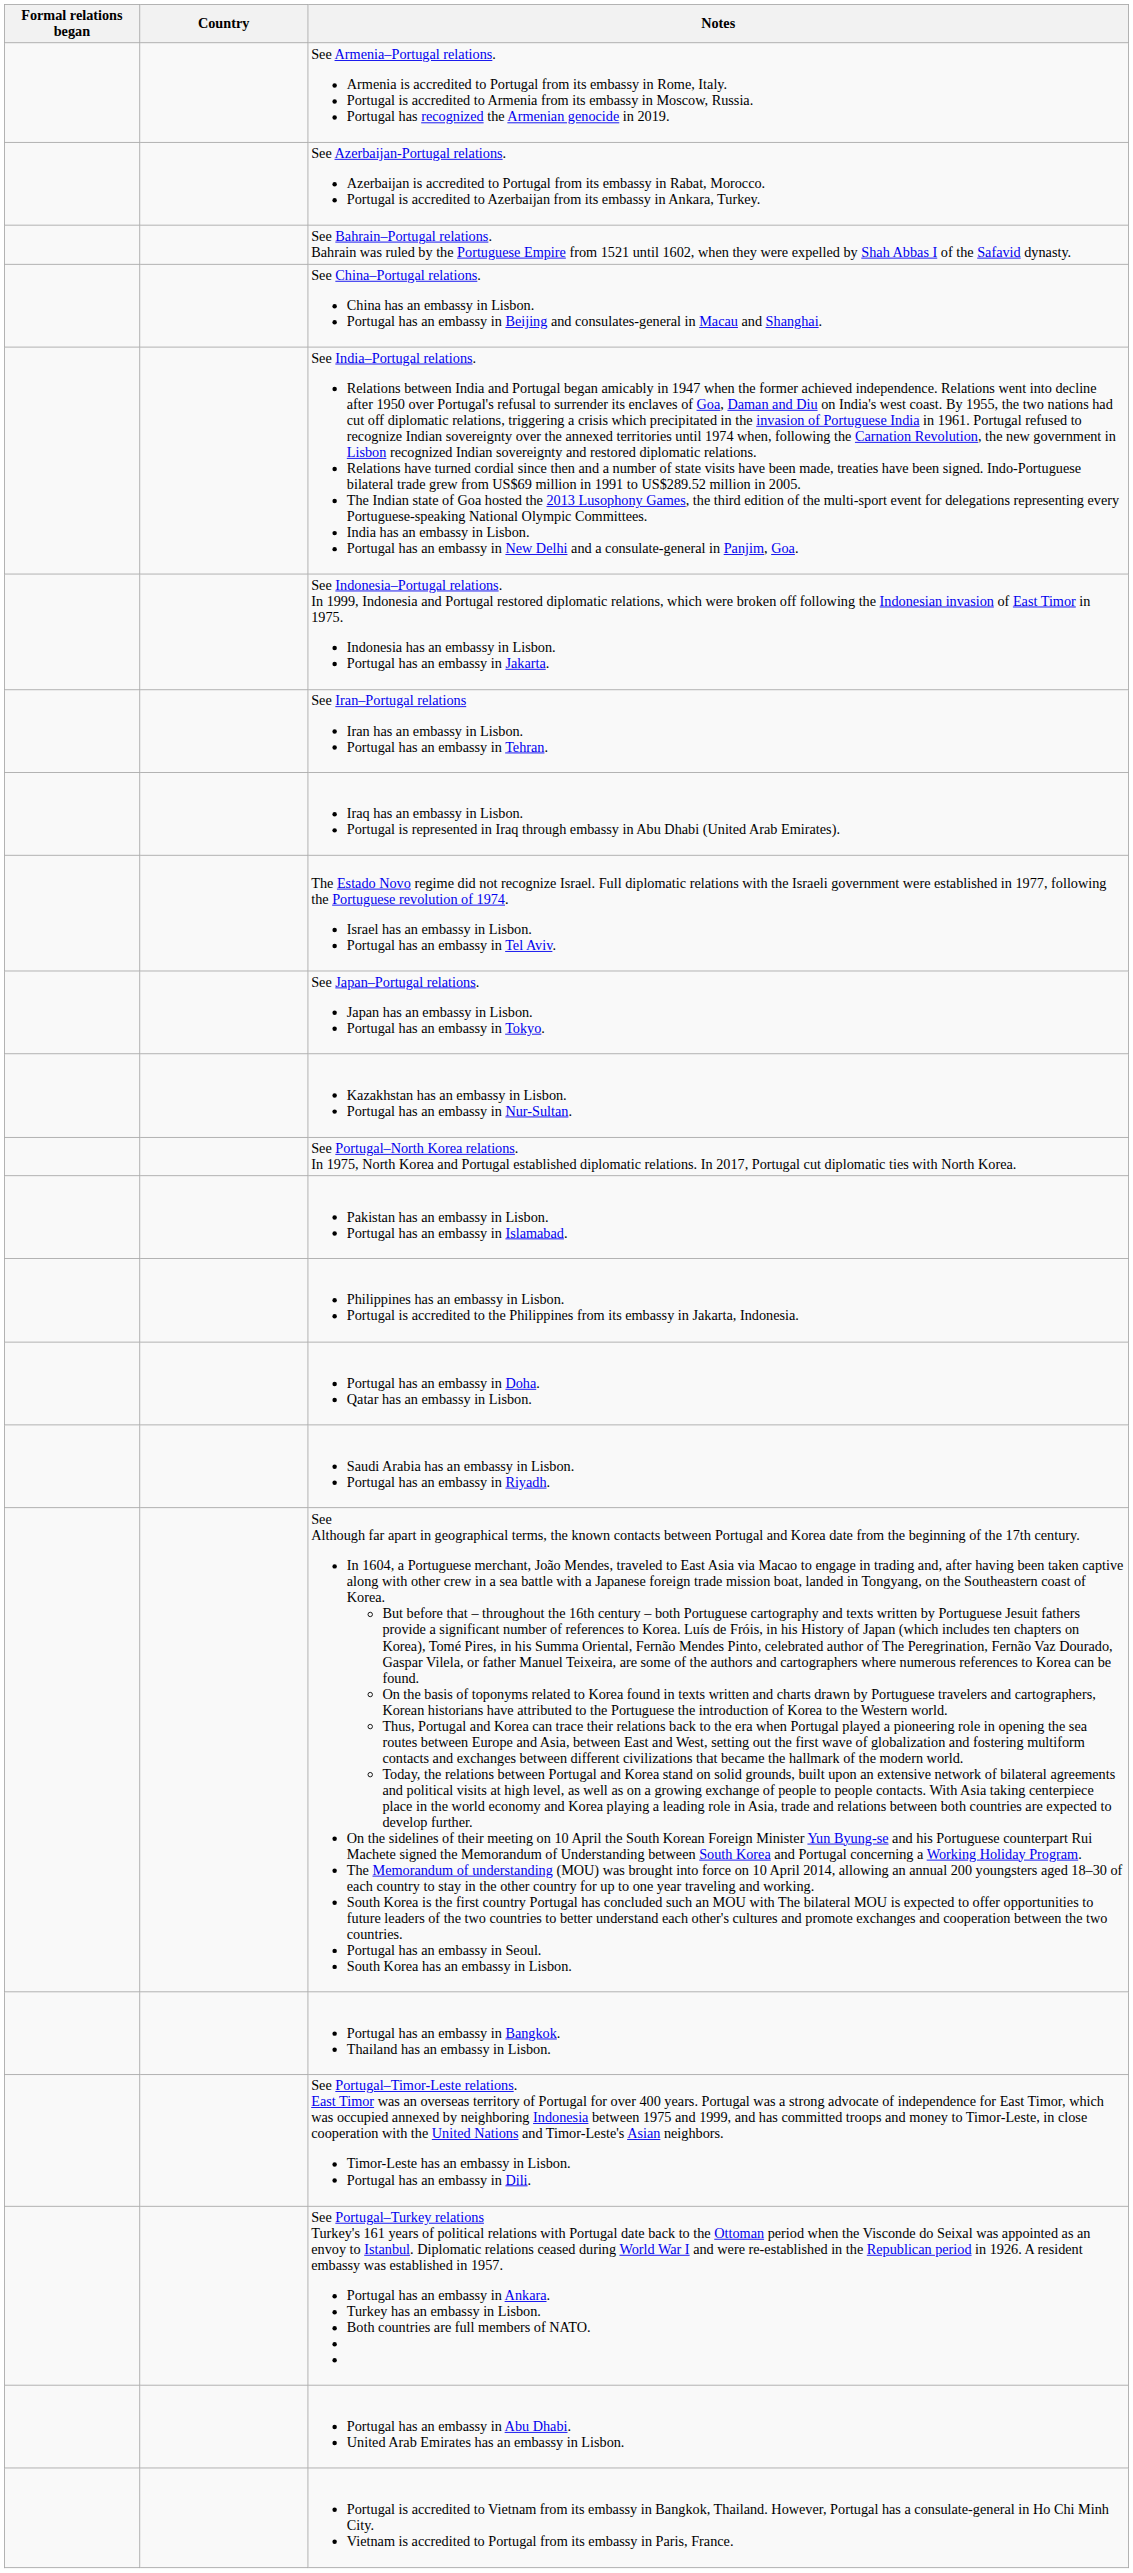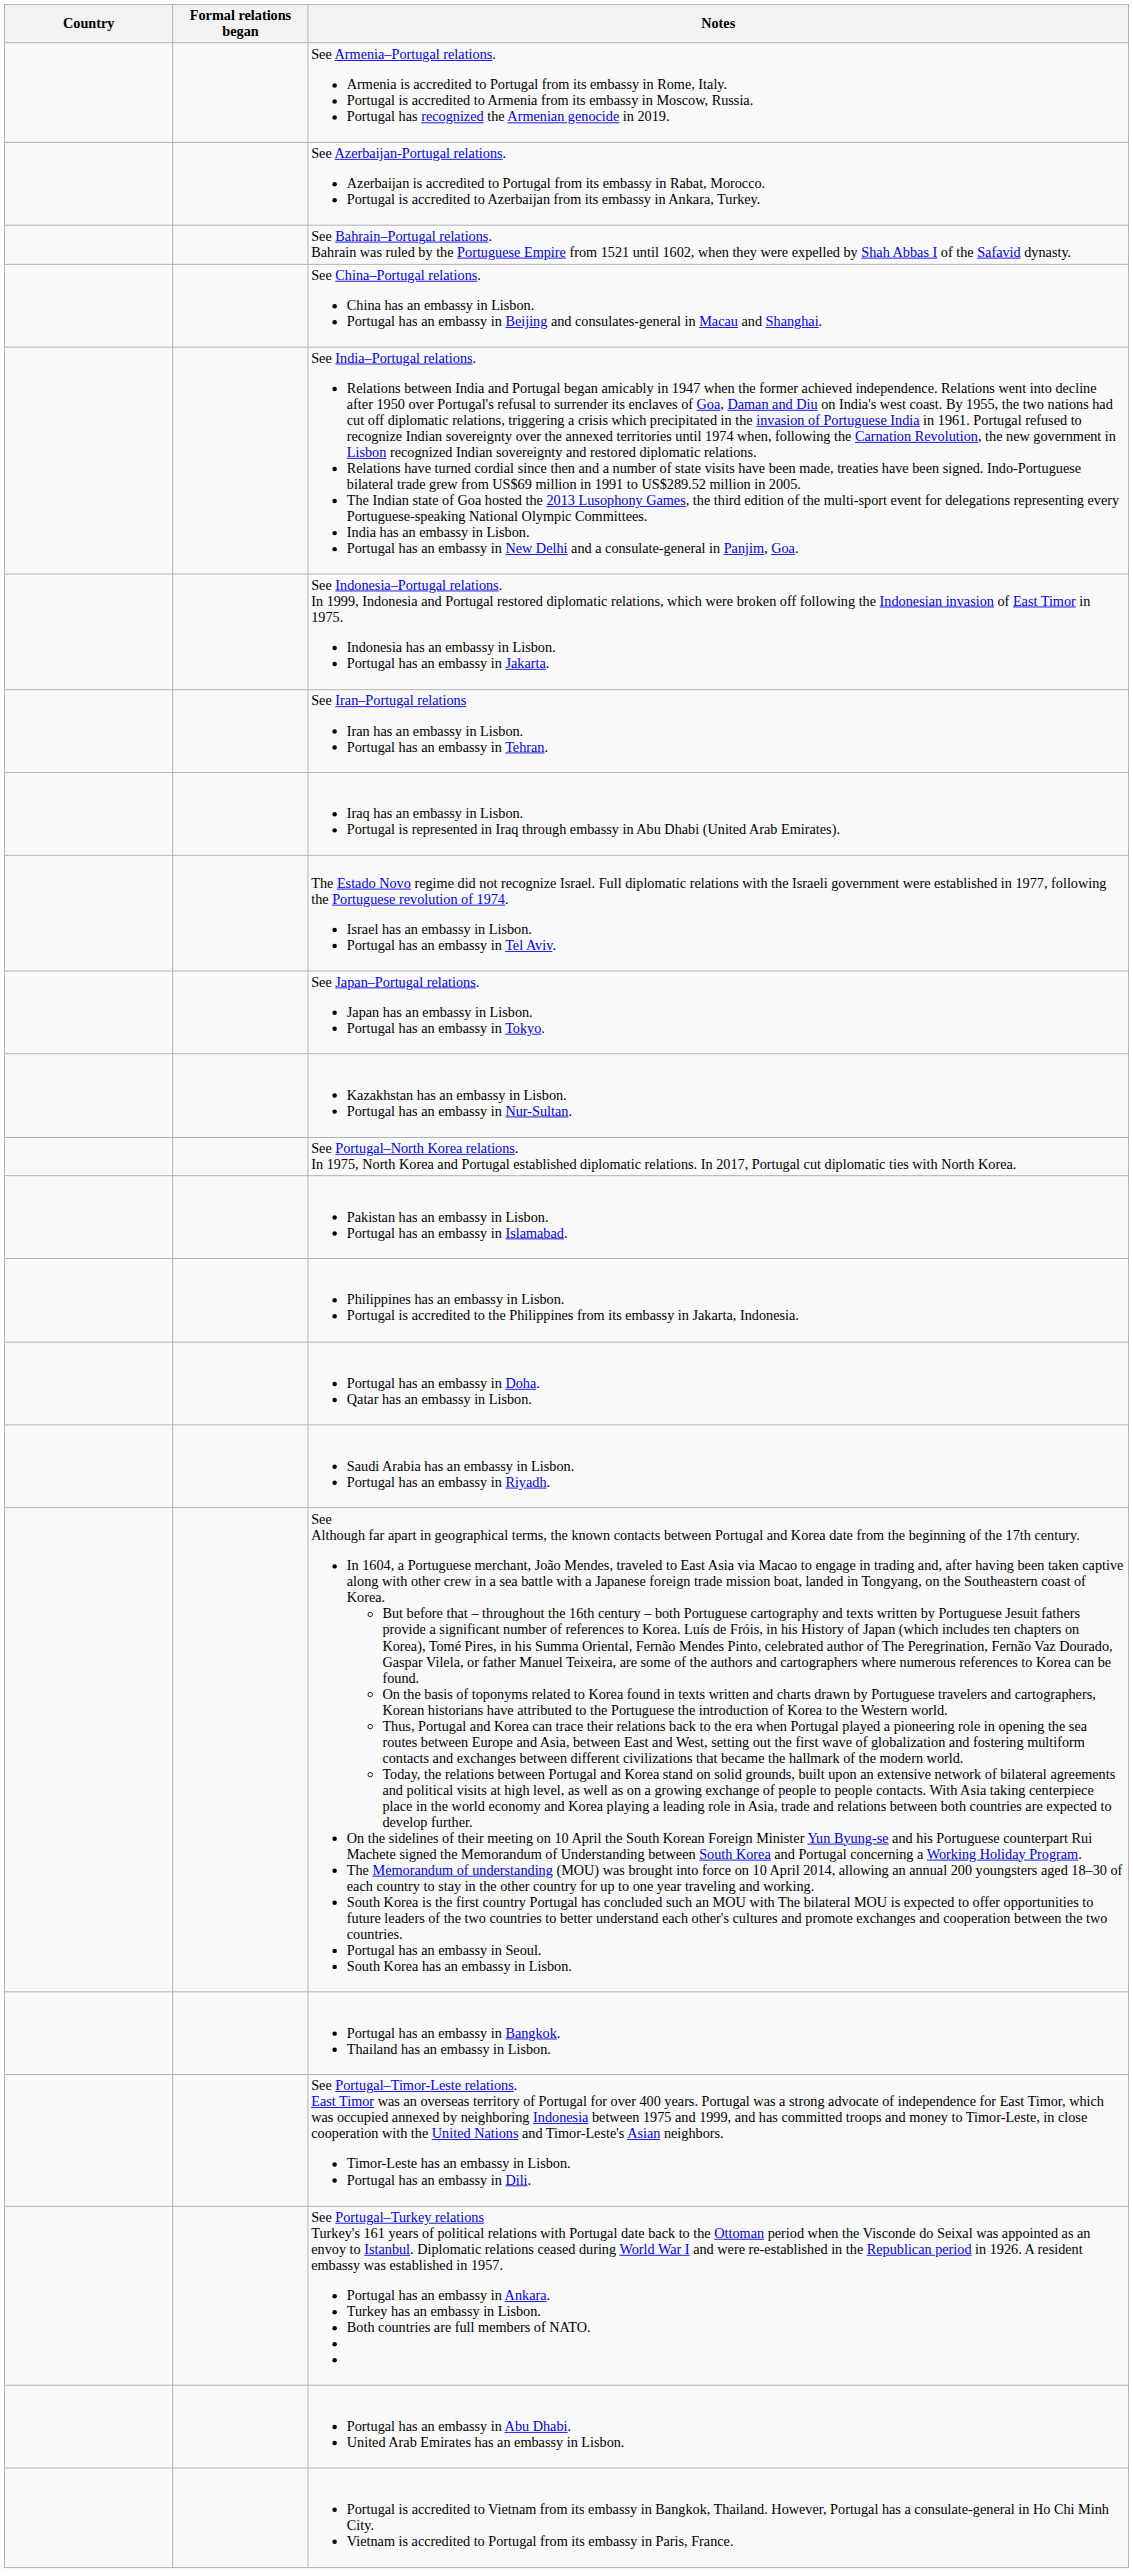 <table class="wikitable sortable" style="width:100%; margin:auto;">
 <tr>
+<th style="width:15%;">Country</th>
 <th style="width:12%;">Formal relations began</th>
-<th style="width:15%;">Country</th>
 <th>Notes</th>
 </tr>
 <tr valign="top">
 <td></td>
 <td></td>
 <td>See <a href='#'>Armenia–Portugal relations</a>.<br><ul><li>Armenia is accredited to Portugal from its embassy in Rome, Italy.</li><li>Portugal is accredited to Armenia from its embassy in Moscow, Russia.</li><li>Portugal has <a href='#'>recognized</a> the <a href='#'>Armenian genocide</a> in 2019.</li></ul></td>
 </tr>
 <tr valign="top">
 <td></td>
 <td></td>
 <td>See <a href='#'>Azerbaijan-Portugal relations</a>.<br><ul><li>Azerbaijan is accredited to Portugal from its embassy in Rabat, Morocco.</li><li>Portugal is accredited to Azerbaijan from its embassy in Ankara, Turkey.</li></ul></td>
 </tr>
 <tr valign="top">
 <td></td>
 <td></td>
 <td>See <a href='#'>Bahrain–Portugal relations</a>.<br>Bahrain was ruled by the <a href='#'>Portuguese Empire</a> from 1521 until 1602, when they were expelled by <a href='#'>Shah Abbas I</a> of the <a href='#'>Safavid</a> dynasty.</td>
 </tr>
 <tr valign="top">
 <td></td>
 <td></td>
 <td>See <a href='#'>China–Portugal relations</a>.<br><ul><li>China has an embassy in Lisbon.</li><li>Portugal has an embassy in <a href='#'>Beijing</a> and consulates-general in <a href='#'>Macau</a> and <a href='#'>Shanghai</a>.</li></ul></td>
 </tr>
 <tr valign="top">
 <td></td>
 <td></td>
 <td>See <a href='#'>India–Portugal relations</a>.<br><ul><li>Relations between India and Portugal began amicably in 1947 when the former achieved independence. Relations went into decline after 1950 over Portugal's refusal to surrender its enclaves of <a href='#'>Goa</a>, <a href='#'>Daman and Diu</a> on India's west coast. By 1955, the two nations had cut off diplomatic relations, triggering a crisis which precipitated in the <a href='#'>invasion of Portuguese India</a> in 1961. Portugal refused to recognize Indian sovereignty over the annexed territories until 1974 when, following the <a href='#'>Carnation Revolution</a>, the new government in <a href='#'>Lisbon</a> recognized Indian sovereignty and restored diplomatic relations.</li><li>Relations have turned cordial since then and a number of state visits have been made, treaties have been signed. Indo-Portuguese bilateral trade grew from US$69 million in 1991 to US$289.52 million in 2005.</li><li>The Indian state of Goa hosted the <a href='#'>2013 Lusophony Games</a>, the third edition of the multi-sport event for delegations representing every Portuguese-speaking National Olympic Committees.</li><li>India has an embassy in Lisbon.</li><li>Portugal has an embassy in <a href='#'>New Delhi</a> and a consulate-general in <a href='#'>Panjim</a>, <a href='#'>Goa</a>.</li></ul></td>
 </tr>
 <tr valign="top">
 <td></td>
 <td></td>
 <td>See <a href='#'>Indonesia–Portugal relations</a>.<br>In 1999, Indonesia and Portugal restored diplomatic relations, which were broken off following the <a href='#'>Indonesian invasion</a> of <a href='#'>East Timor</a> in 1975.<ul><li>Indonesia has an embassy in Lisbon.</li><li>Portugal has an embassy in <a href='#'>Jakarta</a>.</li></ul></td>
 </tr>
 <tr valign="top">
 <td></td>
 <td></td>
 <td>See <a href='#'>Iran–Portugal relations</a><br><ul><li>Iran has an embassy in Lisbon.</li><li>Portugal has an embassy in <a href='#'>Tehran</a>.</li></ul></td>
 </tr>
 <tr valign="top">
 <td></td>
 <td></td>
 <td><br><ul><li>Iraq has an embassy in Lisbon.</li><li>Portugal is represented in Iraq through embassy in Abu Dhabi (United Arab Emirates).</li></ul></td>
 </tr>
 <tr valign="top">
 <td></td>
 <td></td>
 <td><br>The <a href='#'>Estado Novo</a> regime did not recognize Israel. Full diplomatic relations with the Israeli government were established in 1977, following the <a href='#'>Portuguese revolution of 1974</a>.<ul><li>Israel has an embassy in Lisbon.</li><li>Portugal has an embassy in <a href='#'>Tel Aviv</a>.</li></ul></td>
 </tr>
 <tr valign="top">
 <td></td>
 <td></td>
 <td>See <a href='#'>Japan–Portugal relations</a>.<br><ul><li>Japan has an embassy in Lisbon.</li><li>Portugal has an embassy in <a href='#'>Tokyo</a>.</li></ul></td>
 </tr>
 <tr valign="top">
 <td></td>
 <td></td>
 <td><br><ul><li>Kazakhstan has an embassy in Lisbon.</li><li>Portugal has an embassy in <a href='#'>Nur-Sultan</a>.</li></ul></td>
 </tr>
 <tr valign="top">
 <td></td>
 <td></td>
 <td>See <a href='#'>Portugal–North Korea relations</a>.<br>In 1975, North Korea and Portugal established diplomatic relations. In 2017, Portugal cut diplomatic ties with North Korea.</td>
 </tr>
 <tr valign="top">
 <td></td>
 <td></td>
 <td><br><ul><li>Pakistan has an embassy in Lisbon.</li><li>Portugal has an embassy in <a href='#'>Islamabad</a>.</li></ul></td>
 </tr>
 <tr valign="top">
 <td></td>
 <td></td>
 <td><br><ul><li>Philippines has an embassy in Lisbon.</li><li>Portugal is accredited to the Philippines from its embassy in Jakarta, Indonesia.</li></ul></td>
 </tr>
 <tr valign="top">
 <td></td>
 <td></td>
 <td><br><ul><li>Portugal has an embassy in <a href='#'>Doha</a>.</li><li>Qatar has an embassy in Lisbon.</li></ul></td>
 </tr>
 <tr valign="top">
 <td></td>
 <td></td>
 <td><br><ul><li>Saudi Arabia has an embassy in Lisbon.</li><li>Portugal has an embassy in <a href='#'>Riyadh</a>.</li></ul></td>
 </tr>
 <tr valign="top">
 <td></td>
 <td></td>
 <td>See <br>Although far apart in geographical terms, the known contacts between Portugal and Korea date from the beginning of the 17th century.<ul><li>In 1604, a Portuguese merchant, João Mendes, traveled to East Asia via Macao to engage in trading and, after having been taken captive along with other crew in a sea battle with a Japanese foreign trade mission boat, landed in Tongyang, on the Southeastern coast of Korea.<ul><li>But before that – throughout the 16th century – both Portuguese cartography and texts written by Portuguese Jesuit fathers provide a significant number of references to Korea. Luís de Fróis, in his History of Japan (which includes ten chapters on Korea), Tomé Pires, in his Summa Oriental, Fernão Mendes Pinto, celebrated author of The Peregrination, Fernão Vaz Dourado, Gaspar Vilela, or father Manuel Teixeira, are some of the authors and cartographers where numerous references to Korea can be found.</li><li>On the basis of toponyms related to Korea found in texts written and charts drawn by Portuguese travelers and cartographers, Korean historians have attributed to the Portuguese the introduction of Korea to the Western world.</li><li>Thus, Portugal and Korea can trace their relations back to the era when Portugal played a pioneering role in opening the sea routes between Europe and Asia, between East and West, setting out the first wave of globalization and fostering multiform contacts and exchanges between different civilizations that became the hallmark of the modern world.</li><li>Today, the relations between Portugal and Korea stand on solid grounds, built upon an extensive network of bilateral agreements and political visits at high level, as well as on a growing exchange of people to people contacts. With Asia taking centerpiece place in the world economy and Korea playing a leading role in Asia, trade and relations between both countries are expected to develop further.</li></ul></li><li>On the sidelines of their meeting on 10 April the South Korean Foreign Minister <a href='#'>Yun Byung-se</a> and his Portuguese counterpart Rui Machete signed the Memorandum of Understanding between <a href='#'>South Korea</a> and Portugal concerning a <a href='#'>Working Holiday Program</a>.</li><li>The <a href='#'>Memorandum of understanding</a> (MOU) was brought into force on 10 April 2014, allowing an annual 200 youngsters aged 18–30 of each country to stay in the other country for up to one year traveling and working.</li><li>South Korea is the first country Portugal has concluded such an MOU with The bilateral MOU is expected to offer opportunities to future leaders of the two countries to better understand each other's cultures and promote exchanges and cooperation between the two countries.</li><li>Portugal has an embassy in Seoul.</li><li>South Korea has an embassy in Lisbon.</li></ul></td>
 </tr>
 <tr valign="top">
 <td></td>
 <td></td>
 <td><br><ul><li>Portugal has an embassy in <a href='#'>Bangkok</a>.</li><li>Thailand has an embassy in Lisbon.</li></ul></td>
 </tr>
 <tr valign="top">
 <td></td>
 <td></td>
 <td>See <a href='#'>Portugal–Timor-Leste relations</a>.<br><a href='#'>East Timor</a> was an overseas territory of Portugal for over 400 years. Portugal was a strong advocate of independence for East Timor, which was occupied annexed by neighboring <a href='#'>Indonesia</a> between 1975 and 1999, and has committed troops and money to Timor-Leste, in close cooperation with the <a href='#'>United Nations</a> and Timor-Leste's <a href='#'>Asian</a> neighbors.<ul><li>Timor-Leste has an embassy in Lisbon.</li><li>Portugal has an embassy in <a href='#'>Dili</a>.</li></ul></td>
 </tr>
 <tr valign="top">
 <td></td>
 <td></td>
 <td>See <a href='#'>Portugal–Turkey relations</a><br>Turkey's 161 years of political relations with Portugal date back to the <a href='#'>Ottoman</a> period when the Visconde do Seixal was appointed as an envoy to <a href='#'>Istanbul</a>. Diplomatic relations ceased during <a href='#'>World War I</a> and were re-established in the <a href='#'>Republican period</a> in 1926. A resident embassy was established in 1957.<ul><li>Portugal has an embassy in <a href='#'>Ankara</a>.</li><li>Turkey has an embassy in Lisbon.</li><li>Both countries are full members of NATO.</li><li></li><li></li></ul></td>
 </tr>
 <tr valign="top">
 <td></td>
 <td></td>
 <td><br><ul><li>Portugal has an embassy in <a href='#'>Abu Dhabi</a>.</li><li>United Arab Emirates has an embassy in Lisbon.</li></ul></td>
 </tr>
 <tr valign="top">
 <td></td>
 <td></td>
 <td><br><ul><li>Portugal is accredited to Vietnam from its embassy in Bangkok, Thailand. However, Portugal has a consulate-general in Ho Chi Minh City.</li><li>Vietnam is accredited to Portugal from its embassy in Paris, France.</li></ul></td>
 </tr>
 </table>
